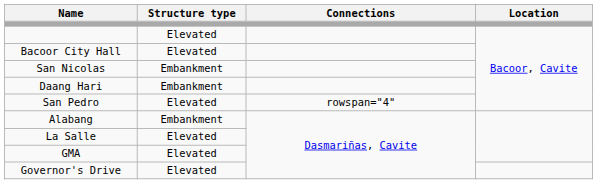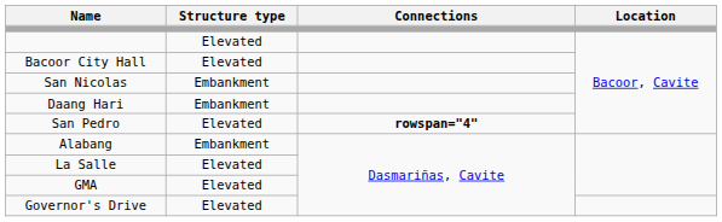 <table class="wikitable" style="text-align:center;">
 <tr>
 <th width=160px>Name</th>
 <th width=130px>Structure type</th>
 <th width=280px>Connections</th>
 <th width=140px>Location</th>
 </tr>
 <tr style = "background:#a9a9a9; height: 2pt">
 <td colspan="4"></td>
 </tr>
 <tr>
 <td></td>
 <td>Elevated</td>
 <td></td>
 <td rowspan=5><a href='#'>Bacoor</a>, <a href='#'>Cavite</a></td>
 </tr>
 <tr>
 <td>Bacoor City Hall</td>
 <td>Elevated</td>
 <td></td>
 </tr>
 <tr>
 <td>San Nicolas</td>
 <td>Embankment</td>
 <td></td>
 </tr>
 <tr>
 <td>Daang Hari</td>
 <td>Embankment</td>
 <td></td>
 </tr>
 <tr>
 <td>San Pedro</td>
 <td>Elevated</td>
-<td>rowspan="4" </td>
+<td><strong>rowspan="4" </strong></td>
 </tr>
 <tr>
 <td>Alabang</td>
 <td>Embankment</td>
 <td rowspan="4"><a href='#'>Dasmariñas</a>, <a href='#'>Cavite</a></td>
 </tr>
 <tr>
 <td>La Salle</td>
 <td>Elevated</td>
 </tr>
 <tr>
 <td>GMA</td>
 <td>Elevated</td>
 </tr>
 <tr>
 <td>Governor's Drive</td>
 <td>Elevated</td>
 <td></td>
 </tr>
 </table>
